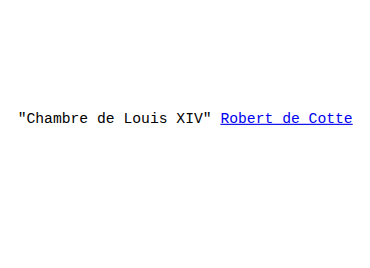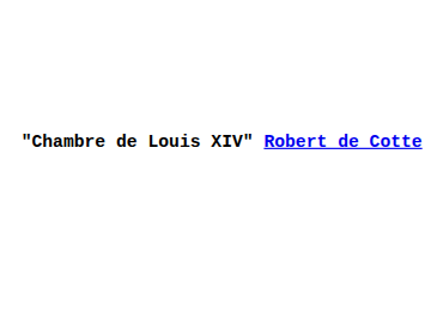 <table border="0"  style="background:white; color:black; height:230px; margin:auto; vertical-align:bottom;" cellpadding="10px" cellspacing="0px">
 <tr style="text-align:center;">
 <td></td>
 </tr>
 <tr style="text-align:center; vertical-align:top;">
-<td style="width:300px;">"Chambre de Louis XIV" <a href='#'>Robert de Cotte</a></td>
+<td style="width:300px;"><strong>"Chambre de Louis XIV" <a href='#'>Robert de Cotte</a></strong></td>
 </tr>
 </table>
